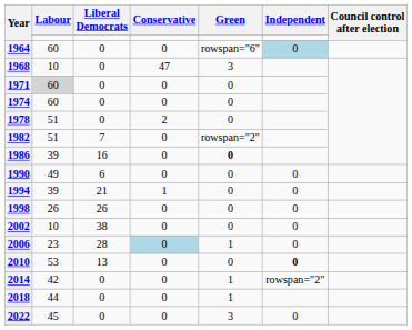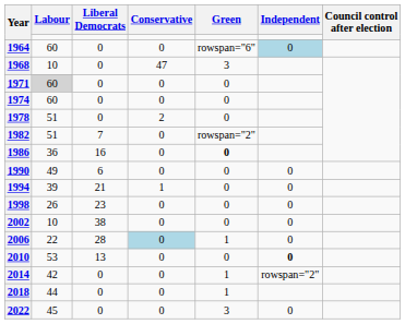 <table class="wikitable plainrowheaders" style="text-align:center">
 <tr>
 <th scope="col" rowspan="2">Year</th>
 <th scope="col"><a href='#'>Labour</a></th>
 <th scope="col" style="width:1px"><a href='#'>Liberal Democrats</a></th>
 <th scope="col"><a href='#'>Conservative</a></th>
 <th scope="col"><a href='#'>Green</a></th>
 <th scope="col"><a href='#'>Independent</a></th>
 <th scope="col" rowspan="2" colspan="2">Council control<br>after election</th>
 </tr>
 <tr>
 <td style="background:"></td>
 <td style="background:"></td>
 <td style="background:"></td>
 <td style="background:"></td>
 <td style="background:"></td>
 </tr>
 <tr>
 <th scope="row"><a href='#'>1964</a></th>
 <td>60</td>
 <td>0</td>
 <td>0</td>
 <td>rowspan="6" </td>
 <td style="background: lightblue;">0</td>
 <td></td>
 </tr>
 <tr>
 <th scope="row"><a href='#'>1968</a></th>
 <td>10</td>
 <td>0</td>
 <td>47</td>
 <td>3</td>
 <td></td>
 </tr>
 <tr>
 <th scope="row"><a href='#'>1971</a></th>
 <td style="background: lightgrey;">60</td>
 <td>0</td>
 <td>0</td>
 <td>0</td>
 <td></td>
 </tr>
 <tr>
 <th scope="row"><a href='#'>1974</a></th>
 <td>60</td>
 <td>0</td>
 <td>0</td>
 <td>0</td>
 <td></td>
 </tr>
 <tr>
 <th scope="row"><a href='#'>1978</a></th>
 <td>51</td>
 <td>0</td>
 <td>2</td>
 <td>0</td>
 <td></td>
 </tr>
 <tr>
 <th scope="row"><a href='#'>1982</a></th>
 <td>51</td>
 <td>7</td>
 <td>0</td>
 <td>rowspan="2" </td>
 <td></td>
 </tr>
 <tr>
 <th scope="row"><a href='#'>1986</a></th>
-<td>39</td>
+<td>36</td>
 <td>16</td>
 <td>0</td>
 <td><strong>0</strong></td>
 <td></td>
 </tr>
 <tr>
 <th scope="row"><a href='#'>1990</a></th>
 <td>49</td>
 <td>6</td>
 <td>0</td>
 <td>0</td>
 <td>0</td>
 <td></td>
 </tr>
 <tr>
 <th scope="row"><a href='#'>1994</a></th>
 <td>39</td>
 <td>21</td>
 <td>1</td>
 <td>0</td>
 <td>0</td>
 <td></td>
 </tr>
 <tr>
 <th scope="row"><a href='#'>1998</a></th>
 <td>26</td>
-<td>26</td>
+<td>23</td>
 <td>0</td>
 <td>0</td>
 <td>0</td>
 <td></td>
 </tr>
 <tr>
 <th scope="row"><a href='#'>2002</a></th>
 <td>10</td>
 <td>38</td>
 <td>0</td>
 <td>0</td>
 <td>0</td>
 <td></td>
 </tr>
 <tr>
 <th scope="row"><a href='#'>2006</a></th>
-<td>23</td>
+<td>22</td>
 <td>28</td>
 <td style="background: lightblue;">0</td>
 <td>1</td>
 <td>0</td>
 <td></td>
 </tr>
 <tr>
 <th scope="row"><a href='#'>2010</a></th>
 <td>53</td>
 <td>13</td>
 <td>0</td>
 <td>0</td>
 <td><strong>0</strong></td>
 <td></td>
 </tr>
 <tr>
 <th scope="row"><a href='#'>2014</a></th>
 <td>42</td>
 <td>0</td>
 <td>0</td>
 <td>1</td>
 <td>rowspan="2" </td>
 <td></td>
 </tr>
 <tr>
 <th scope="row"><a href='#'>2018</a></th>
 <td>44</td>
 <td>0</td>
 <td>0</td>
 <td>1</td>
 <td></td>
 </tr>
 <tr>
 <th scope="row"><a href='#'>2022</a></th>
 <td>45</td>
 <td>0</td>
 <td>0</td>
 <td>3</td>
 <td>0</td>
 <td></td>
 </tr>
 </table>
